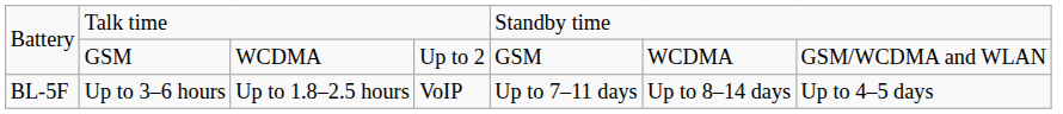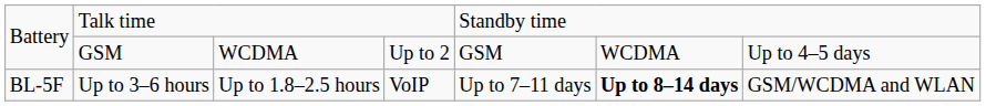 <table class="wikitable">
 <tr>
 <td rowspan="2">Battery</td>
 <td colspan="3">Talk time</td>
 <td colspan="3">Standby time</td>
 </tr>
 <tr>
 <td>GSM</td>
 <td>WCDMA</td>
 <td>Up to 2</td>
 <td>GSM</td>
 <td>WCDMA</td>
-<td>GSM/WCDMA and WLAN</td>
+<td>Up to 4–5 days</td>
 </tr>
 <tr>
 <td>BL-5F</td>
 <td>Up to 3–6 hours</td>
 <td>Up to 1.8–2.5 hours</td>
 <td>VoIP</td>
 <td>Up to 7–11 days</td>
-<td>Up to 8–14 days</td>
-<td>Up to 4–5 days</td>
+<td><strong>Up to 8–14 days</strong></td>
+<td>GSM/WCDMA and WLAN</td>
 </tr>
 </table>
